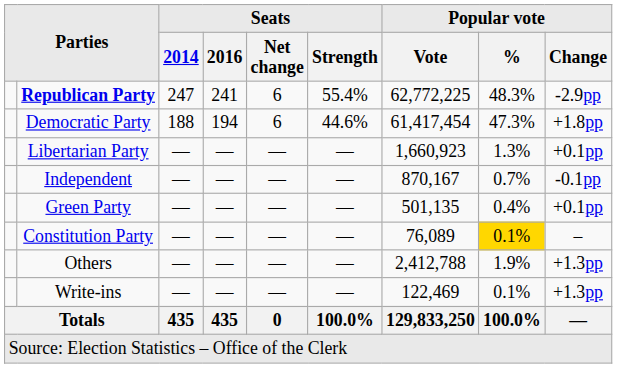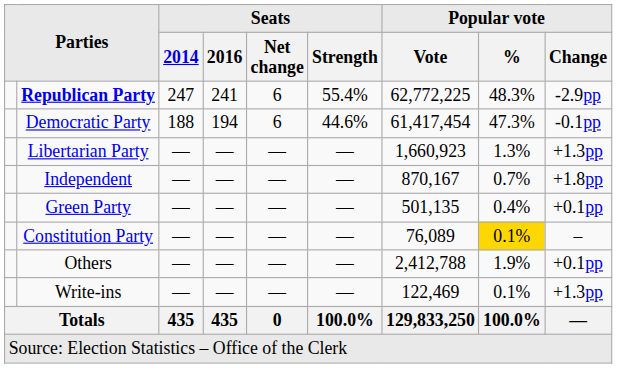 <table class=wikitable style="text-align:center">
 <tr>
 <th style="background-color:#E9E9E9" align=center rowspan=2 colspan=2>Parties</th>
 <th style="background-color:#E9E9E9" align=center colspan=4>Seats</th>
 <th style="background-color:#E9E9E9" align=center colspan=3>Popular vote</th>
 </tr>
 <tr>
 <th><a href='#'>2014</a></th>
 <th>2016</th>
 <th>Net<br>change</th>
 <th>Strength</th>
 <th>Vote</th>
 <th>%</th>
 <th>Change</th>
 </tr>
 <tr>
 <td style="background-color:"> </td>
 <td><strong><a href='#'>Republican Party</a></strong></td>
 <td>247</td>
 <td>241</td>
 <td> 6</td>
 <td>55.4%</td>
 <td>62,772,225</td>
 <td>48.3%</td>
 <td>-2.9<a href='#'>pp</a></td>
 </tr>
 <tr>
 <td style="background-color:"> </td>
 <td><a href='#'>Democratic Party</a></td>
 <td>188</td>
 <td>194</td>
 <td> 6</td>
 <td>44.6%</td>
 <td>61,417,454</td>
 <td>47.3%</td>
-<td>+1.8<a href='#'>pp</a></td>
+<td>-0.1<a href='#'>pp</a></td>
 </tr>
 <tr>
 <td style="background-color:"> </td>
 <td><a href='#'>Libertarian Party</a></td>
 <td>—</td>
 <td>—</td>
 <td>—</td>
 <td>—</td>
 <td>1,660,923</td>
 <td>1.3%</td>
-<td>+0.1<a href='#'>pp</a></td>
+<td>+1.3<a href='#'>pp</a></td>
 </tr>
 <tr>
 <td style="background-color:"> </td>
 <td><a href='#'>Independent</a></td>
 <td>—</td>
 <td>—</td>
 <td>—</td>
 <td>—</td>
 <td>870,167</td>
 <td>0.7%</td>
-<td>-0.1<a href='#'>pp</a></td>
+<td>+1.8<a href='#'>pp</a></td>
 </tr>
 <tr>
 <td style="background-color:"> </td>
 <td><a href='#'>Green Party</a></td>
 <td>—</td>
 <td>—</td>
 <td>—</td>
 <td>—</td>
 <td>501,135</td>
 <td>0.4%</td>
 <td>+0.1<a href='#'>pp</a></td>
 </tr>
 <tr>
 <td style="background-color:"> </td>
 <td><a href='#'>Constitution Party</a></td>
 <td>—</td>
 <td>—</td>
 <td>—</td>
 <td>—</td>
 <td>76,089</td>
 <td style="background: gold;">0.1%</td>
 <td>–</td>
 </tr>
 <tr>
 <td style="background-color:"> </td>
 <td>Others</td>
 <td>—</td>
 <td>—</td>
 <td>—</td>
 <td>—</td>
 <td>2,412,788</td>
 <td>1.9%</td>
-<td>+1.3<a href='#'>pp</a></td>
+<td>+0.1<a href='#'>pp</a></td>
 </tr>
 <tr>
 <td style="background-color:"> </td>
 <td>Write-ins</td>
 <td>—</td>
 <td>—</td>
 <td>—</td>
 <td>—</td>
 <td>122,469</td>
 <td>0.1%</td>
 <td>+1.3<a href='#'>pp</a></td>
 </tr>
 <tr>
 <th colspan=2>Totals</th>
 <th>435</th>
 <th>435</th>
 <th>0</th>
 <th>100.0%</th>
 <th>129,833,250</th>
 <th>100.0%</th>
 <th>—</th>
 </tr>
 <tr bgcolor=E9E9E9>
 <td align="left" colspan=9>Source:  Election Statistics – Office of the Clerk</td>
 </tr>
 </table>
